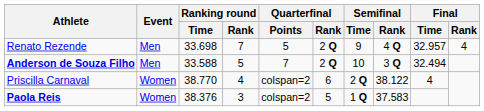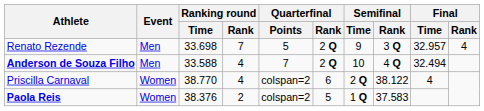 <table class="wikitable" border="1" style="font-size:90%">
 <tr>
 <th rowspan=2>Athlete</th>
 <th rowspan=2>Event</th>
 <th colspan=2>Ranking round</th>
 <th colspan=2>Quarterfinal</th>
 <th colspan=2>Semifinal</th>
 <th colspan=2>Final</th>
 </tr>
 <tr>
 <th>Time</th>
 <th>Rank</th>
 <th>Points</th>
 <th>Rank</th>
 <th>Time</th>
 <th>Rank</th>
 <th>Time</th>
 <th>Rank</th>
 </tr>
 <tr>
 <td><a href='#'>Renato Rezende</a></td>
 <td><a href='#'>Men</a></td>
 <td align=center>33.698</td>
 <td align=center>7</td>
 <td align=center>5</td>
 <td align=center>2 <strong>Q</strong></td>
 <td align=center>9</td>
-<td align=center>4 <strong>Q</strong></td>
+<td align=center>3 <strong>Q</strong></td>
 <td align=center>32.957</td>
 <td align=center>4</td>
 </tr>
 <tr>
 <td><strong><a href='#'>Anderson de Souza Filho</a></strong></td>
 <td><a href='#'>Men</a></td>
 <td align=center>33.588</td>
-<td align=center>5</td>
+<td align=center>4</td>
 <td align=center>7</td>
 <td align=center>2 <strong>Q</strong></td>
 <td align=center>10</td>
-<td align=center>3 <strong>Q</strong></td>
+<td align=center>4 <strong>Q</strong></td>
 <td align=center>32.494</td>
 <td align=center></td>
 </tr>
 <tr>
 <td><a href='#'>Priscilla Carnaval</a></td>
 <td><a href='#'>Women</a></td>
 <td align=center>38.770</td>
 <td align=center>4</td>
 <td>colspan=2 </td>
 <td align=center>6</td>
 <td align=center>2 <strong>Q</strong></td>
 <td align=center>38.122</td>
 <td align=center>4</td>
 </tr>
 <tr>
 <td><strong><a href='#'>Paola Reis</a></strong></td>
 <td><a href='#'>Women</a></td>
 <td align=center>38.376</td>
-<td align=center>3</td>
+<td align=center>2</td>
 <td>colspan=2 </td>
 <td align=center>5</td>
 <td align=center>1 <strong>Q</strong></td>
 <td align=center>37.583</td>
 <td align=center></td>
 </tr>
 </table>
